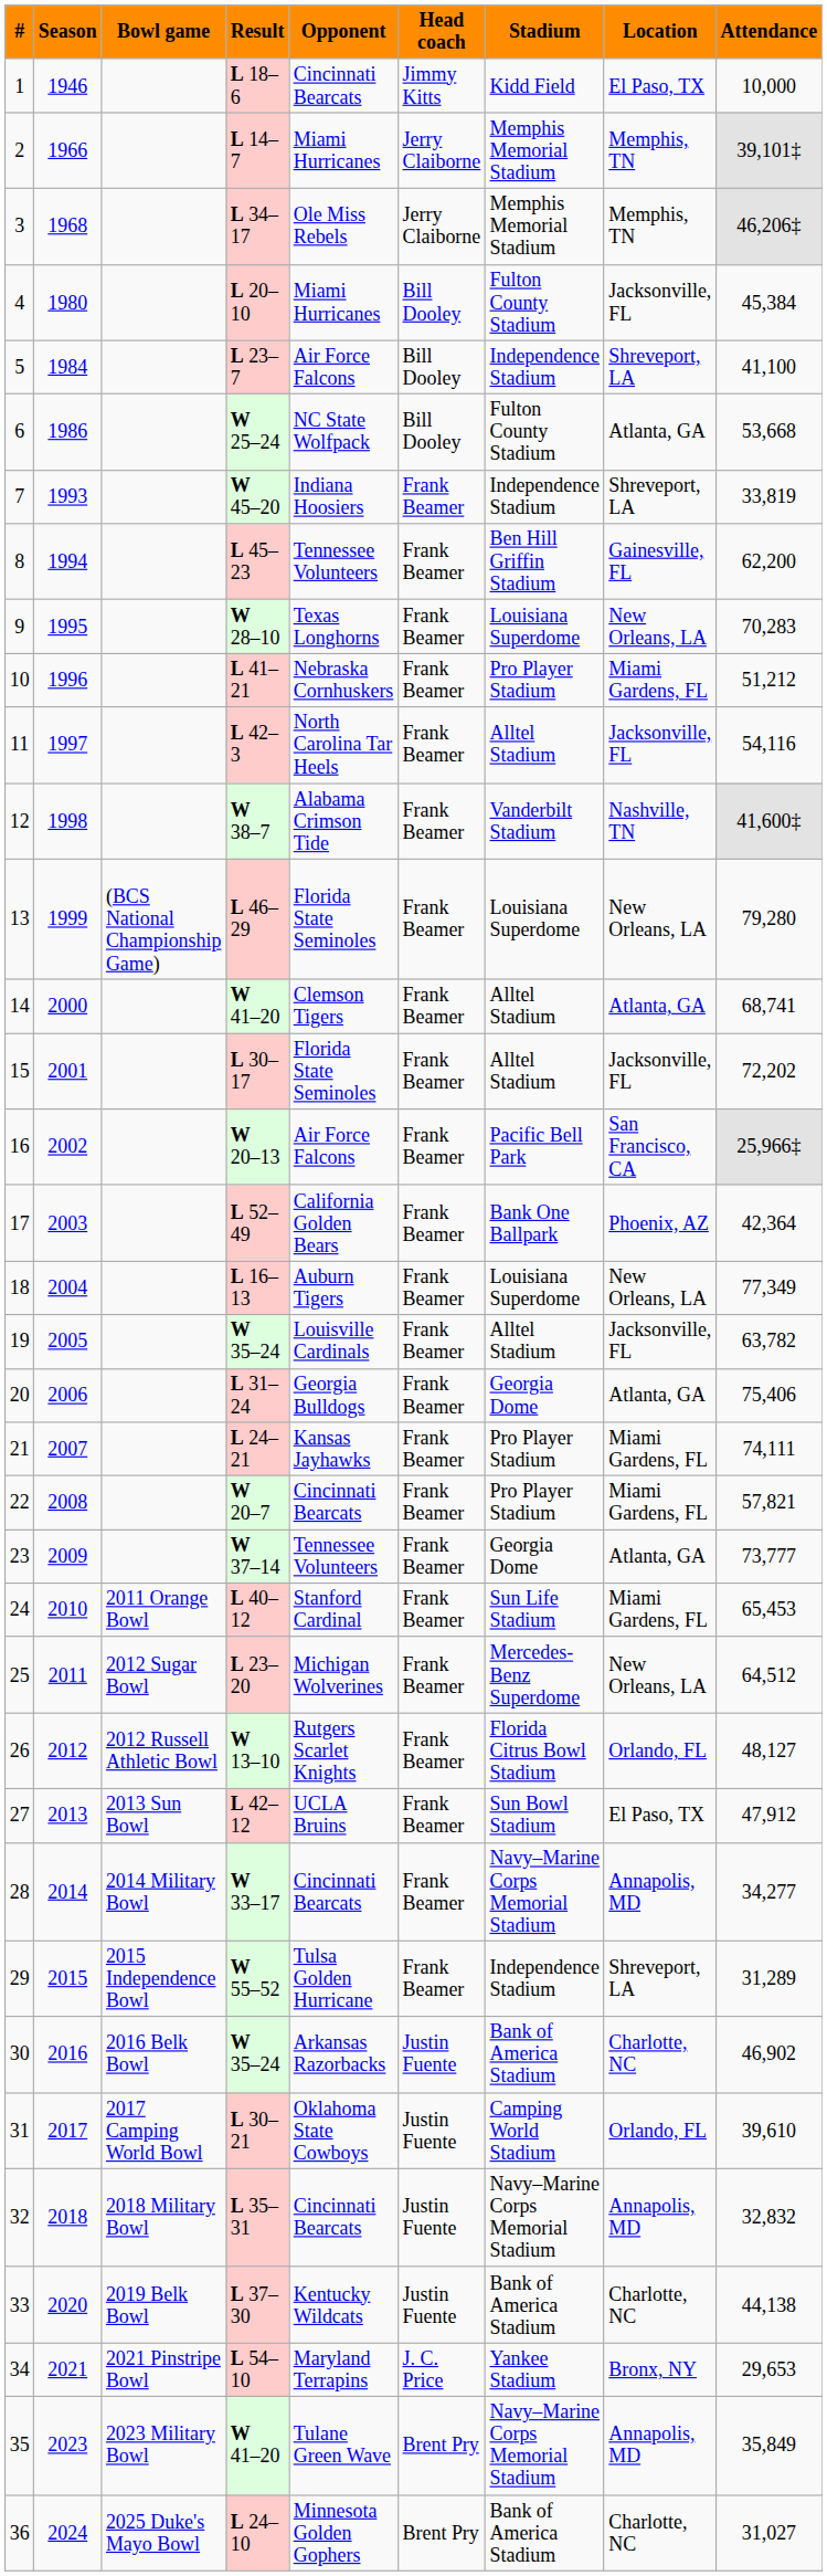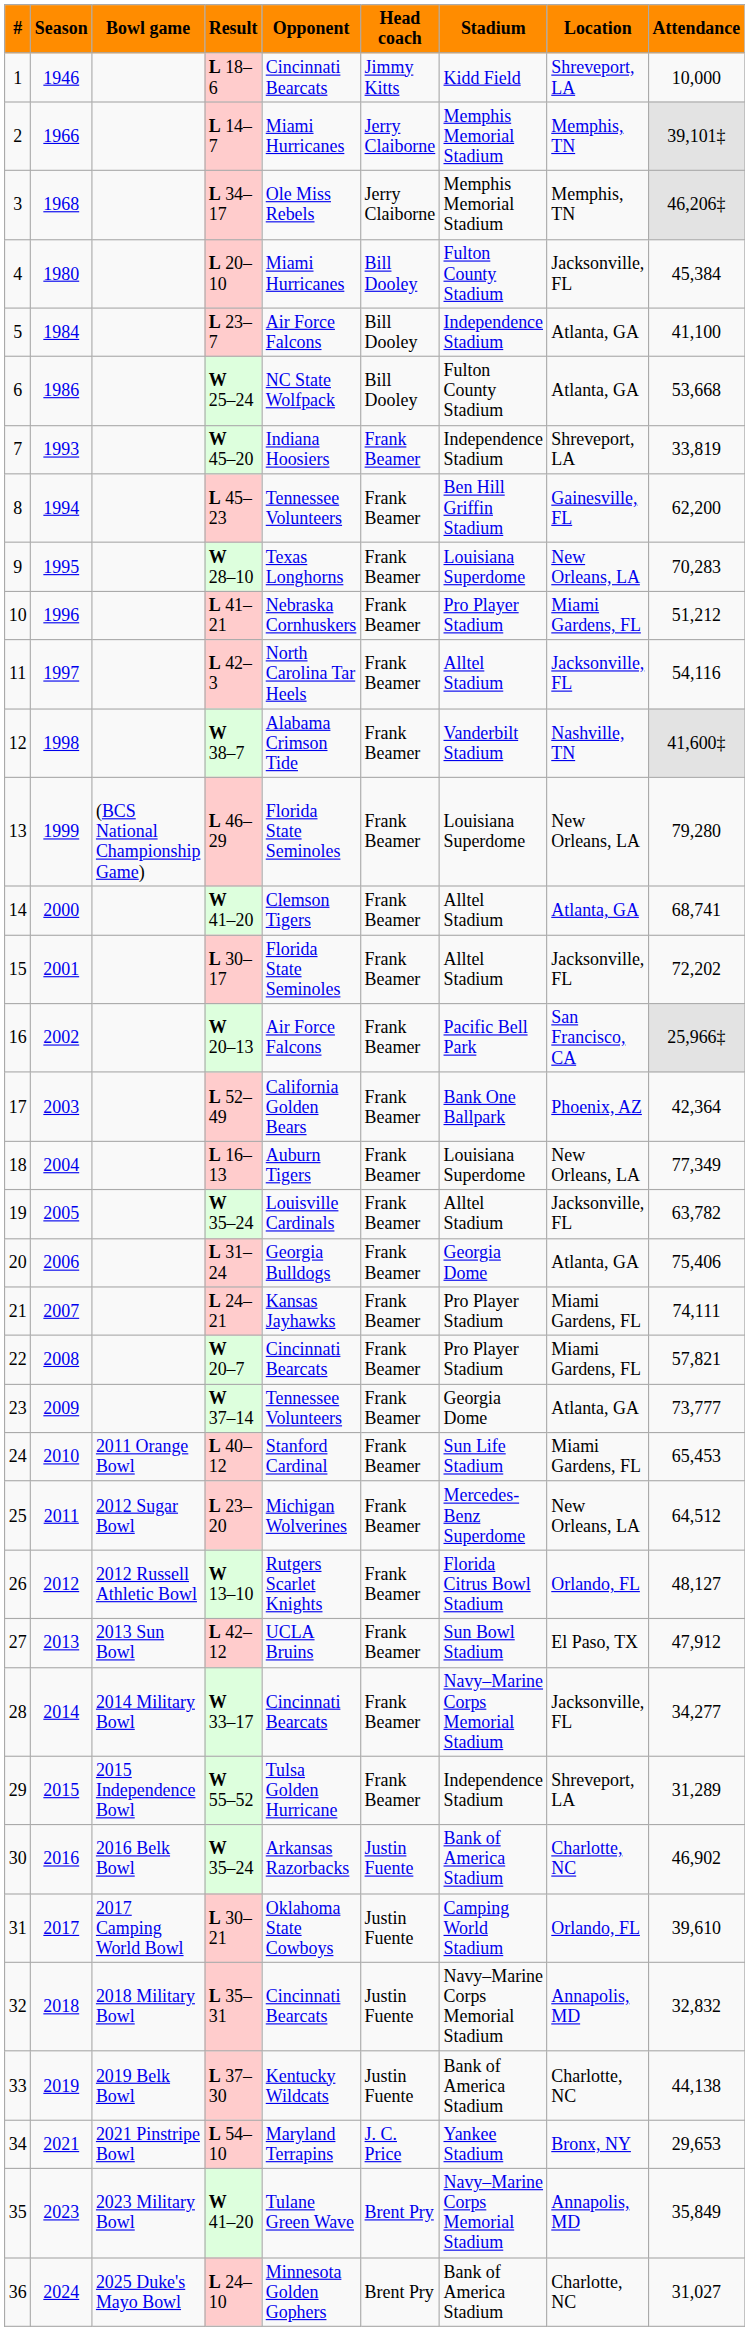 <table class="wikitable sortable">
 <tr>
 <th style="background:#FF8C00;">#</th>
 <th style="background:#FF8C00;">Season</th>
 <th style="background:#FF8C00;">Bowl game</th>
 <th style="background:#FF8C00;">Result</th>
 <th style="background:#FF8C00;">Opponent</th>
 <th style="background:#FF8C00;">Head coach</th>
 <th style="background:#FF8C00;">Stadium</th>
 <th style="background:#FF8C00;">Location</th>
 <th style="background:#FF8C00;">Attendance</th>
 </tr>
 <tr>
 <td style="text-align:center;">1</td>
 <td style="text-align:center;"><a href='#'>1946</a></td>
 <td></td>
 <td style="background:#fcc;"><strong>L</strong> 18–6</td>
 <td><a href='#'>Cincinnati Bearcats</a></td>
 <td><a href='#'>Jimmy Kitts</a></td>
 <td><a href='#'>Kidd Field</a></td>
-<td><a href='#'>El Paso, TX</a></td>
+<td><a href='#'>Shreveport, LA</a></td>
 <td style="text-align:center;">10,000</td>
 </tr>
 <tr>
 <td style="text-align:center;">2</td>
 <td style="text-align:center;"><a href='#'>1966</a></td>
 <td></td>
 <td style="background:#fcc;"><strong>L</strong> 14–7</td>
 <td><a href='#'>Miami Hurricanes</a></td>
 <td><a href='#'>Jerry Claiborne</a></td>
 <td><a href='#'>Memphis Memorial Stadium</a></td>
 <td><a href='#'>Memphis, TN</a></td>
 <td style="text-align:center; background:#e3e3e3;">39,101‡</td>
 </tr>
 <tr>
 <td style="text-align:center;">3</td>
 <td style="text-align:center;"><a href='#'>1968</a></td>
 <td></td>
 <td style="background:#fcc;"><strong>L</strong> 34–17</td>
 <td><a href='#'>Ole Miss Rebels</a></td>
 <td>Jerry Claiborne</td>
 <td>Memphis Memorial Stadium</td>
 <td>Memphis, TN</td>
 <td style="text-align:center; background:#e3e3e3;">46,206‡</td>
 </tr>
 <tr>
 <td style="text-align:center;">4</td>
 <td style="text-align:center;"><a href='#'>1980</a></td>
 <td></td>
 <td style="background:#fcc;"><strong>L</strong> 20–10</td>
 <td><a href='#'>Miami Hurricanes</a></td>
 <td><a href='#'>Bill Dooley</a></td>
 <td><a href='#'>Fulton County Stadium</a></td>
 <td>Jacksonville, FL</td>
 <td style="text-align:center;">45,384</td>
 </tr>
 <tr>
 <td style="text-align:center;">5</td>
 <td style="text-align:center;"><a href='#'>1984</a></td>
 <td></td>
 <td style="background:#fcc;"><strong>L</strong> 23–7</td>
 <td><a href='#'>Air Force Falcons</a></td>
 <td>Bill Dooley</td>
 <td><a href='#'>Independence Stadium</a></td>
-<td><a href='#'>Shreveport, LA</a></td>
+<td>Atlanta, GA</td>
 <td style="text-align:center;">41,100</td>
 </tr>
 <tr>
 <td style="text-align:center;">6</td>
 <td style="text-align:center;"><a href='#'>1986</a></td>
 <td></td>
 <td style="background:#dfd;"><strong>W</strong> 25–24</td>
 <td><a href='#'>NC State Wolfpack</a></td>
 <td>Bill Dooley</td>
 <td>Fulton County Stadium</td>
 <td>Atlanta, GA</td>
 <td style="text-align:center;">53,668</td>
 </tr>
 <tr>
 <td style="text-align:center;">7</td>
 <td style="text-align:center;"><a href='#'>1993</a></td>
 <td></td>
 <td style="background:#dfd;"><strong>W</strong> 45–20</td>
 <td><a href='#'>Indiana Hoosiers</a></td>
 <td><a href='#'>Frank Beamer</a></td>
 <td>Independence Stadium</td>
 <td>Shreveport, LA</td>
 <td style="text-align:center;">33,819</td>
 </tr>
 <tr>
 <td style="text-align:center;">8</td>
 <td style="text-align:center;"><a href='#'>1994</a></td>
 <td></td>
 <td style="background:#fcc;"><strong>L</strong> 45–23</td>
 <td><a href='#'>Tennessee Volunteers</a></td>
 <td>Frank Beamer</td>
 <td><a href='#'>Ben Hill Griffin Stadium</a></td>
 <td><a href='#'>Gainesville, FL</a></td>
 <td style="text-align:center;">62,200</td>
 </tr>
 <tr>
 <td style="text-align:center;">9</td>
 <td style="text-align:center;"><a href='#'>1995</a></td>
 <td></td>
 <td style="background:#dfd;"><strong>W</strong> 28–10</td>
 <td><a href='#'>Texas Longhorns</a></td>
 <td>Frank Beamer</td>
 <td><a href='#'>Louisiana Superdome</a></td>
 <td><a href='#'>New Orleans, LA</a></td>
 <td style="text-align:center;">70,283</td>
 </tr>
 <tr>
 <td style="text-align:center;">10</td>
 <td style="text-align:center;"><a href='#'>1996</a></td>
 <td></td>
 <td style="background:#fcc;"><strong>L</strong> 41–21</td>
 <td><a href='#'>Nebraska Cornhuskers</a></td>
 <td>Frank Beamer</td>
 <td><a href='#'>Pro Player Stadium</a></td>
 <td><a href='#'>Miami Gardens, FL</a></td>
 <td style="text-align:center;">51,212</td>
 </tr>
 <tr>
 <td style="text-align:center;">11</td>
 <td style="text-align:center;"><a href='#'>1997</a></td>
 <td></td>
 <td style="background:#fcc;"><strong>L</strong> 42–3</td>
 <td><a href='#'>North Carolina Tar Heels</a></td>
 <td>Frank Beamer</td>
 <td><a href='#'>Alltel Stadium</a></td>
 <td><a href='#'>Jacksonville, FL</a></td>
 <td style="text-align:center;">54,116</td>
 </tr>
 <tr>
 <td style="text-align:center;">12</td>
 <td style="text-align:center;"><a href='#'>1998</a></td>
 <td></td>
 <td style="background:#dfd;"><strong>W</strong> 38–7</td>
 <td><a href='#'>Alabama Crimson Tide</a></td>
 <td>Frank Beamer</td>
 <td><a href='#'>Vanderbilt Stadium</a></td>
 <td><a href='#'>Nashville, TN</a></td>
 <td style="text-align:center; background:#e3e3e3;">41,600‡</td>
 </tr>
 <tr>
 <td style="text-align:center;">13</td>
 <td style="text-align:center;"><a href='#'>1999</a></td>
 <td><br>(<a href='#'>BCS National Championship Game</a>)</td>
 <td style="background:#fcc;"><strong>L</strong> 46–29</td>
 <td><a href='#'>Florida State Seminoles</a></td>
 <td>Frank Beamer</td>
 <td>Louisiana Superdome</td>
 <td>New Orleans, LA</td>
 <td style="text-align:center;">79,280</td>
 </tr>
 <tr>
 <td style="text-align:center;">14</td>
 <td style="text-align:center;"><a href='#'>2000</a></td>
 <td></td>
 <td style="background:#dfd;"><strong>W</strong> 41–20</td>
 <td><a href='#'>Clemson Tigers</a></td>
 <td>Frank Beamer</td>
 <td>Alltel Stadium</td>
 <td><a href='#'>Atlanta, GA</a></td>
 <td style="text-align:center;">68,741</td>
 </tr>
 <tr>
 <td style="text-align:center;">15</td>
 <td style="text-align:center;"><a href='#'>2001</a></td>
 <td></td>
 <td style="background:#fcc;"><strong>L</strong> 30–17</td>
 <td><a href='#'>Florida State Seminoles</a></td>
 <td>Frank Beamer</td>
 <td>Alltel Stadium</td>
 <td>Jacksonville, FL</td>
 <td style="text-align:center;">72,202</td>
 </tr>
 <tr>
 <td style="text-align:center;">16</td>
 <td style="text-align:center;"><a href='#'>2002</a></td>
 <td></td>
 <td style="background:#dfd;"><strong>W</strong> 20–13</td>
 <td><a href='#'>Air Force Falcons</a></td>
 <td>Frank Beamer</td>
 <td><a href='#'>Pacific Bell Park</a></td>
 <td><a href='#'>San Francisco, CA</a></td>
 <td style="text-align:center; background:#e3e3e3;">25,966‡</td>
 </tr>
 <tr>
 <td style="text-align:center;">17</td>
 <td style="text-align:center;"><a href='#'>2003</a></td>
 <td></td>
 <td style="background:#fcc;"><strong>L</strong> 52–49</td>
 <td><a href='#'>California Golden Bears</a></td>
 <td>Frank Beamer</td>
 <td><a href='#'>Bank One Ballpark</a></td>
 <td><a href='#'>Phoenix, AZ</a></td>
 <td style="text-align:center;">42,364</td>
 </tr>
 <tr>
 <td style="text-align:center;">18</td>
 <td style="text-align:center;"><a href='#'>2004</a></td>
 <td></td>
 <td style="background:#fcc;"><strong>L</strong> 16–13</td>
 <td><a href='#'>Auburn Tigers</a></td>
 <td>Frank Beamer</td>
 <td>Louisiana Superdome</td>
 <td>New Orleans, LA</td>
 <td style="text-align:center;">77,349</td>
 </tr>
 <tr>
 <td style="text-align:center;">19</td>
 <td style="text-align:center;"><a href='#'>2005</a></td>
 <td></td>
 <td style="background:#dfd;"><strong>W</strong> 35–24</td>
 <td><a href='#'>Louisville Cardinals</a></td>
 <td>Frank Beamer</td>
 <td>Alltel Stadium</td>
 <td>Jacksonville, FL</td>
 <td style="text-align:center;">63,782</td>
 </tr>
 <tr>
 <td style="text-align:center;">20</td>
 <td style="text-align:center;"><a href='#'>2006</a></td>
 <td></td>
 <td style="background:#fcc;"><strong>L</strong> 31–24</td>
 <td><a href='#'>Georgia Bulldogs</a></td>
 <td>Frank Beamer</td>
 <td><a href='#'>Georgia Dome</a></td>
 <td>Atlanta, GA</td>
 <td style="text-align:center;">75,406</td>
 </tr>
 <tr>
 <td style="text-align:center;">21</td>
 <td style="text-align:center;"><a href='#'>2007</a></td>
 <td></td>
 <td style="background:#fcc;"><strong>L</strong> 24–21</td>
 <td><a href='#'>Kansas Jayhawks</a></td>
 <td>Frank Beamer</td>
 <td>Pro Player Stadium</td>
 <td>Miami Gardens, FL</td>
 <td style="text-align:center;">74,111</td>
 </tr>
 <tr>
 <td style="text-align:center;">22</td>
 <td style="text-align:center;"><a href='#'>2008</a></td>
 <td></td>
 <td style="background:#dfd;"><strong>W</strong> 20–7</td>
 <td><a href='#'>Cincinnati Bearcats</a></td>
 <td>Frank Beamer</td>
 <td>Pro Player Stadium</td>
 <td>Miami Gardens, FL</td>
 <td style="text-align:center;">57,821</td>
 </tr>
 <tr>
 <td style="text-align:center;">23</td>
 <td style="text-align:center;"><a href='#'>2009</a></td>
 <td></td>
 <td style="background:#dfd;"><strong>W</strong> 37–14</td>
 <td><a href='#'>Tennessee Volunteers</a></td>
 <td>Frank Beamer</td>
 <td>Georgia Dome</td>
 <td>Atlanta, GA</td>
 <td style="text-align:center;">73,777</td>
 </tr>
 <tr>
 <td style="text-align:center;">24</td>
 <td style="text-align:center;"><a href='#'>2010</a></td>
 <td><a href='#'>2011 Orange Bowl</a></td>
 <td style="background:#fcc;"><strong>L</strong> 40–12</td>
 <td><a href='#'>Stanford Cardinal</a></td>
 <td>Frank Beamer</td>
 <td><a href='#'>Sun Life Stadium</a></td>
 <td>Miami Gardens, FL</td>
 <td style="text-align:center;">65,453</td>
 </tr>
 <tr>
 <td style="text-align:center;">25</td>
 <td style="text-align:center;"><a href='#'>2011</a></td>
 <td><a href='#'>2012 Sugar Bowl</a></td>
 <td style="background:#fcc;"><strong>L</strong> 23–20</td>
 <td><a href='#'>Michigan Wolverines</a></td>
 <td>Frank Beamer</td>
 <td><a href='#'>Mercedes-Benz Superdome</a></td>
 <td>New Orleans, LA</td>
 <td style="text-align:center;">64,512</td>
 </tr>
 <tr>
 <td style="text-align:center;">26</td>
 <td style="text-align:center;"><a href='#'>2012</a></td>
 <td><a href='#'>2012 Russell Athletic Bowl</a></td>
 <td style="background:#dfd;"><strong>W</strong> 13–10</td>
 <td><a href='#'>Rutgers Scarlet Knights</a></td>
 <td>Frank Beamer</td>
 <td><a href='#'>Florida Citrus Bowl Stadium</a></td>
 <td><a href='#'>Orlando, FL</a></td>
 <td style="text-align:center;">48,127</td>
 </tr>
 <tr>
 <td style="text-align:center;">27</td>
 <td style="text-align:center;"><a href='#'>2013</a></td>
 <td><a href='#'>2013 Sun Bowl</a></td>
 <td style="background:#fcc;"><strong>L</strong> 42–12</td>
 <td><a href='#'>UCLA Bruins</a></td>
 <td>Frank Beamer</td>
 <td><a href='#'>Sun Bowl Stadium</a></td>
 <td>El Paso, TX</td>
 <td style="text-align:center;">47,912</td>
 </tr>
 <tr>
 <td style="text-align:center;">28</td>
 <td style="text-align:center;"><a href='#'>2014</a></td>
 <td><a href='#'>2014 Military Bowl</a></td>
 <td style="background:#dfd;"><strong>W</strong> 33–17</td>
 <td><a href='#'>Cincinnati Bearcats</a></td>
 <td>Frank Beamer</td>
 <td><a href='#'>Navy–Marine Corps Memorial Stadium</a></td>
-<td><a href='#'>Annapolis, MD</a></td>
+<td>Jacksonville, FL</td>
 <td style="text-align:center;">34,277</td>
 </tr>
 <tr>
 <td style="text-align:center;">29</td>
 <td style="text-align:center;"><a href='#'>2015</a></td>
 <td><a href='#'>2015 Independence Bowl</a></td>
 <td style="background:#dfd;"><strong>W</strong> 55–52</td>
 <td><a href='#'>Tulsa Golden Hurricane</a></td>
 <td>Frank Beamer</td>
 <td>Independence Stadium</td>
 <td>Shreveport, LA</td>
 <td style="text-align:center;">31,289</td>
 </tr>
 <tr>
 <td style="text-align:center;">30</td>
 <td style="text-align:center;"><a href='#'>2016</a></td>
 <td><a href='#'>2016 Belk Bowl</a></td>
 <td style="background:#dfd;"><strong>W</strong> 35–24</td>
 <td><a href='#'>Arkansas Razorbacks</a></td>
 <td><a href='#'>Justin Fuente</a></td>
 <td><a href='#'>Bank of America Stadium</a></td>
 <td><a href='#'>Charlotte, NC</a></td>
 <td style="text-align:center;">46,902</td>
 </tr>
 <tr>
 <td style="text-align:center;">31</td>
 <td style="text-align:center;"><a href='#'>2017</a></td>
 <td><a href='#'>2017 Camping World Bowl</a></td>
 <td style="background:#fcc;"><strong>L</strong> 30–21</td>
 <td><a href='#'>Oklahoma State Cowboys</a></td>
 <td>Justin Fuente</td>
 <td><a href='#'>Camping World Stadium</a></td>
 <td><a href='#'>Orlando, FL</a></td>
 <td style="text-align:center;">39,610</td>
 </tr>
 <tr>
 <td style="text-align:center;">32</td>
 <td style="text-align:center;"><a href='#'>2018</a></td>
 <td><a href='#'>2018 Military Bowl</a></td>
 <td style="background:#fcc;"><strong>L</strong> 35–31</td>
 <td><a href='#'>Cincinnati Bearcats</a></td>
 <td>Justin Fuente</td>
 <td>Navy–Marine Corps Memorial Stadium</td>
 <td><a href='#'>Annapolis, MD</a></td>
 <td style="text-align:center;">32,832</td>
 </tr>
 <tr>
 <td style="text-align:center;">33</td>
-<td style="text-align:center;"><a href='#'>2020</a></td>
+<td style="text-align:center;"><a href='#'>2019</a></td>
 <td><a href='#'>2019 Belk Bowl</a></td>
 <td style="background:#fcc;"><strong>L</strong> 37–30</td>
 <td><a href='#'>Kentucky Wildcats</a></td>
 <td>Justin Fuente</td>
 <td>Bank of America Stadium</td>
 <td>Charlotte, NC</td>
 <td style="text-align:center;">44,138</td>
 </tr>
 <tr>
 <td style="text-align:center;">34</td>
 <td style="text-align:center;"><a href='#'>2021</a></td>
 <td><a href='#'>2021 Pinstripe Bowl</a></td>
 <td style="background:#fcc;"><strong>L</strong> 54–10</td>
 <td><a href='#'>Maryland Terrapins</a></td>
 <td><a href='#'>J. C. Price</a></td>
 <td><a href='#'>Yankee Stadium</a></td>
 <td><a href='#'>Bronx, NY</a></td>
 <td style="text-align:center;">29,653</td>
 </tr>
 <tr>
 <td style="text-align:center;">35</td>
 <td style="text-align:center;"><a href='#'>2023</a></td>
 <td><a href='#'>2023 Military Bowl</a></td>
 <td style="background:#dfd;"><strong>W</strong> 41–20</td>
 <td><a href='#'>Tulane Green Wave</a></td>
 <td><a href='#'>Brent Pry</a></td>
 <td><a href='#'>Navy–Marine Corps Memorial Stadium</a></td>
 <td><a href='#'>Annapolis, MD</a></td>
 <td style="text-align:center;">35,849</td>
 </tr>
 <tr>
 <td style="text-align:center;">36</td>
 <td style="text-align:center;"><a href='#'>2024</a></td>
 <td><a href='#'>2025 Duke's Mayo Bowl</a></td>
 <td style="background:#fcc;"><strong>L</strong> 24–10</td>
 <td><a href='#'>Minnesota Golden Gophers</a></td>
 <td>Brent Pry</td>
 <td>Bank of America Stadium</td>
 <td>Charlotte, NC</td>
 <td style="text-align:center;">31,027</td>
 </tr>
 </table>
